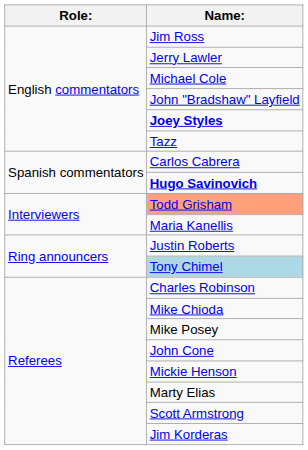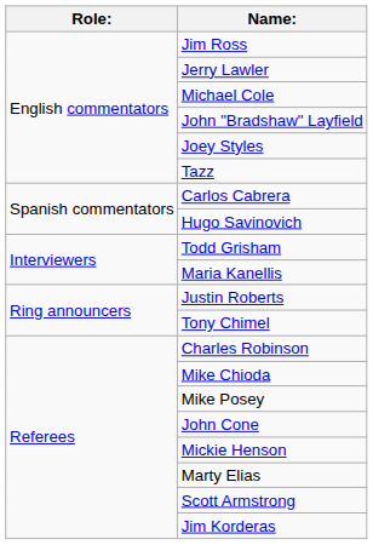 <table class=wikitable style="font-size:90%; margin: 0.5em 0 0.5em 1em; float: right; clear: right;">
 <tr>
 <th>Role:</th>
 <th>Name:</th>
 </tr>
 <tr>
 <td rowspan=6>English <a href='#'>commentators</a></td>
 <td><a href='#'>Jim Ross</a> </td>
 </tr>
 <tr>
 <td><a href='#'>Jerry Lawler</a> </td>
 </tr>
 <tr>
 <td><a href='#'>Michael Cole</a> </td>
 </tr>
 <tr>
 <td><a href='#'>John "Bradshaw" Layfield</a> </td>
 </tr>
 <tr>
-<td><strong><a href='#'>Joey Styles</a> </strong></td>
+<td><a href='#'>Joey Styles</a> </td>
 </tr>
 <tr>
 <td><a href='#'>Tazz</a> </td>
 </tr>
 <tr>
 <td rowspan=2>Spanish commentators</td>
 <td><a href='#'>Carlos Cabrera</a></td>
 </tr>
 <tr>
-<td><strong><a href='#'>Hugo Savinovich</a></strong></td>
+<td><a href='#'>Hugo Savinovich</a></td>
 </tr>
 <tr>
 <td rowspan=2><a href='#'>Interviewers</a></td>
-<td style="background: lightsalmon;"><a href='#'>Todd Grisham</a></td>
+<td><a href='#'>Todd Grisham</a></td>
 </tr>
 <tr>
 <td><a href='#'>Maria Kanellis</a></td>
 </tr>
 <tr>
 <td rowspan=2><a href='#'>Ring announcers</a></td>
 <td><a href='#'>Justin Roberts</a> </td>
 </tr>
 <tr>
-<td style="background: lightblue;"><a href='#'>Tony Chimel</a> </td>
+<td><a href='#'>Tony Chimel</a> </td>
 </tr>
 <tr>
 <td rowspan="8"><a href='#'>Referees</a></td>
 <td><a href='#'>Charles Robinson</a></td>
 </tr>
 <tr>
 <td><a href='#'>Mike Chioda</a></td>
 </tr>
 <tr>
 <td>Mike Posey</td>
 </tr>
 <tr>
 <td><a href='#'>John Cone</a></td>
 </tr>
 <tr>
 <td><a href='#'>Mickie Henson</a></td>
 </tr>
 <tr>
 <td>Marty Elias</td>
 </tr>
 <tr>
 <td><a href='#'>Scott Armstrong</a></td>
 </tr>
 <tr>
 <td><a href='#'>Jim Korderas</a></td>
 </tr>
 </table>
